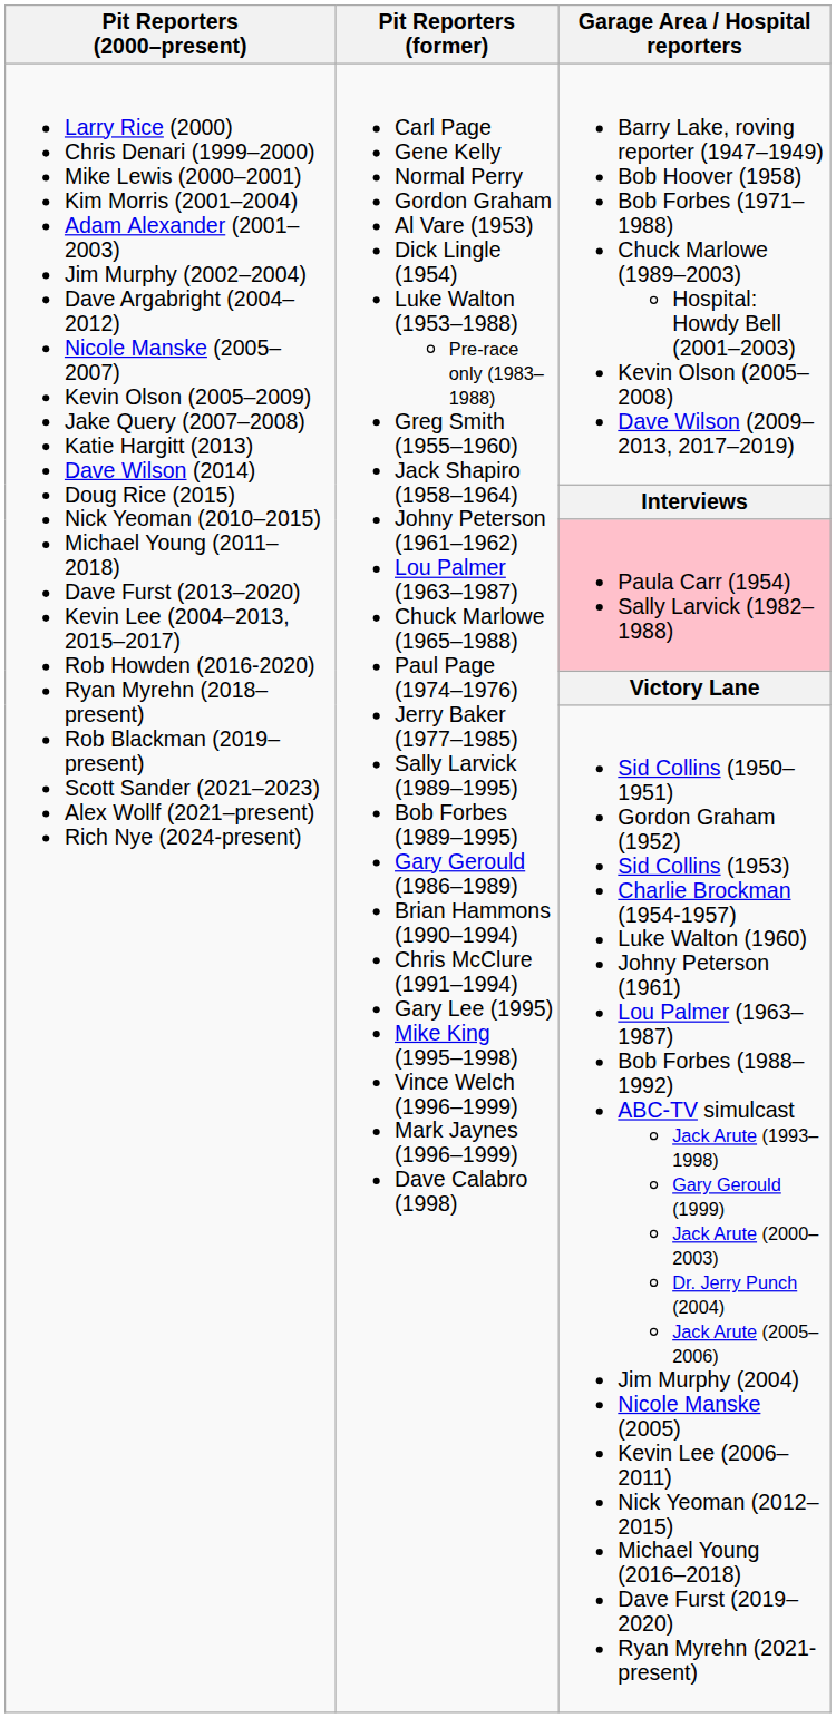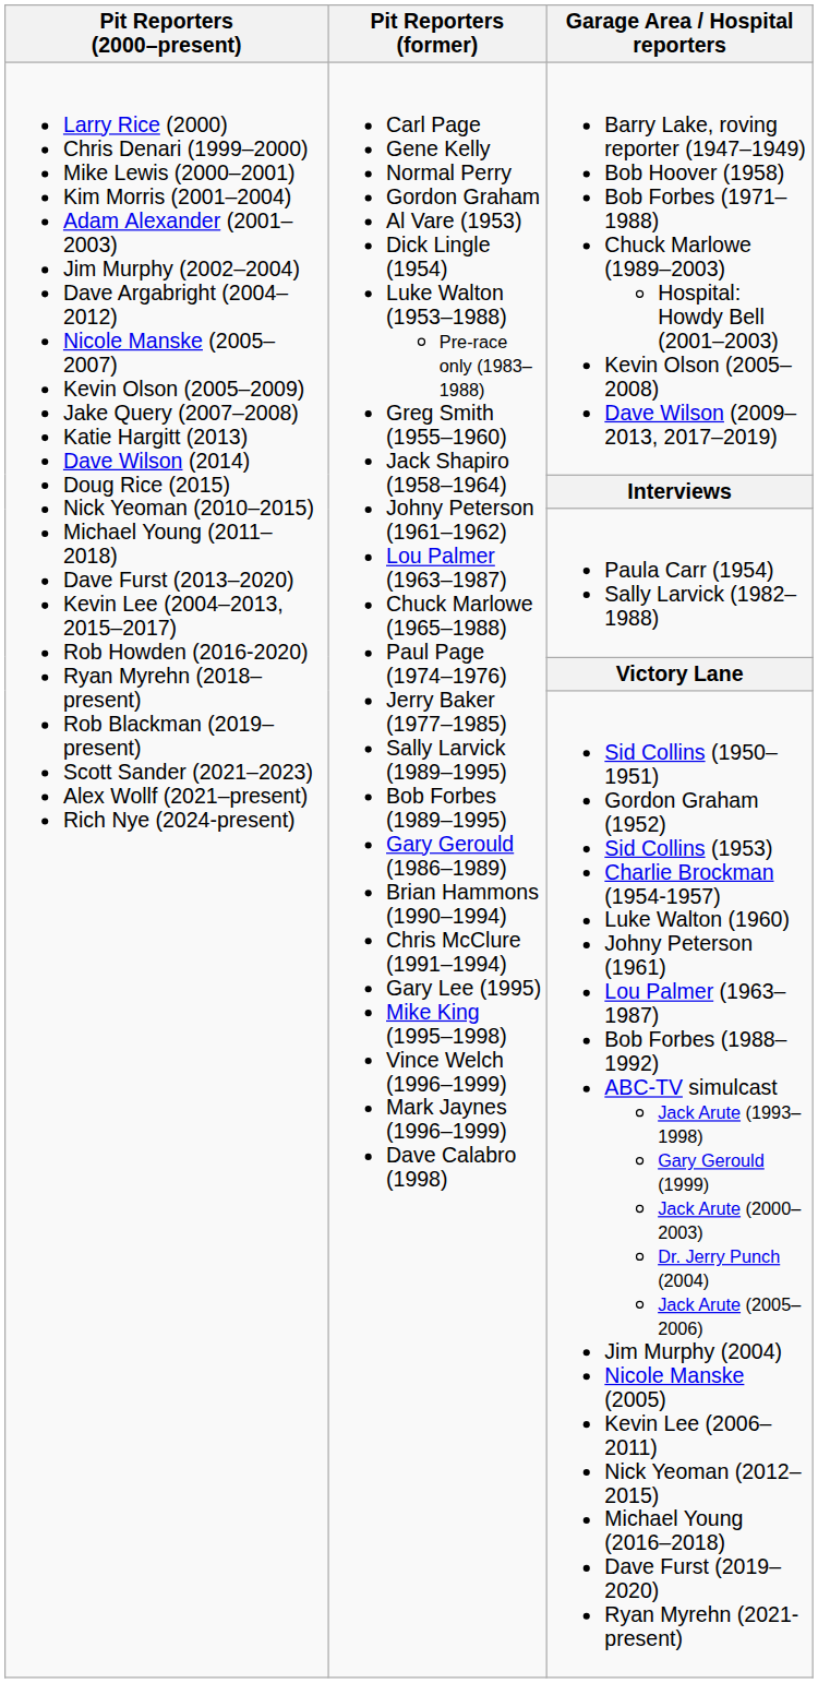 <table class="wikitable">
 <tr>
 <th>Pit Reporters<br>(2000–present)</th>
 <th>Pit Reporters<br>(former)</th>
 <th>Garage Area / Hospital reporters</th>
 </tr>
 <tr>
 <td valign="top" rowspan=5><br><ul><li><a href='#'>Larry Rice</a> (2000)</li><li>Chris Denari (1999–2000)</li><li>Mike Lewis (2000–2001)</li><li>Kim Morris (2001–2004)</li><li><a href='#'>Adam Alexander</a> (2001–2003)</li><li>Jim Murphy (2002–2004)</li><li>Dave Argabright (2004–2012)</li><li><a href='#'>Nicole Manske</a> (2005–2007)</li><li>Kevin Olson (2005–2009)</li><li>Jake Query (2007–2008)</li><li>Katie Hargitt (2013)</li><li><a href='#'>Dave Wilson</a> (2014)</li><li>Doug Rice (2015)</li><li>Nick Yeoman (2010–2015)</li><li>Michael Young (2011–2018)</li><li>Dave Furst (2013–2020)</li><li>Kevin Lee (2004–2013, 2015–2017)</li><li>Rob Howden (2016-2020)</li><li>Ryan Myrehn (2018–present)</li><li>Rob Blackman (2019–present)</li><li>Scott Sander (2021–2023)</li><li>Alex Wollf (2021–present)</li><li>Rich Nye (2024-present)</li></ul></td>
 <td valign="top" rowspan=5><br><ul><li>Carl Page</li><li>Gene Kelly</li><li>Normal Perry</li><li>Gordon Graham</li><li>Al Vare (1953)</li><li>Dick Lingle (1954)</li><li>Luke Walton (1953–1988)<ul><li><small>Pre-race only (1983–1988)</small></li></ul></li><li>Greg Smith (1955–1960)</li><li>Jack Shapiro (1958–1964)</li><li>Johny Peterson (1961–1962)</li><li><a href='#'>Lou Palmer</a> (1963–1987)</li><li>Chuck Marlowe (1965–1988)</li><li>Paul Page (1974–1976)</li><li>Jerry Baker (1977–1985)</li><li>Sally Larvick (1989–1995)</li><li>Bob Forbes (1989–1995)</li><li><a href='#'>Gary Gerould</a> (1986–1989)</li><li>Brian Hammons (1990–1994)</li><li>Chris McClure (1991–1994)</li><li>Gary Lee (1995)</li><li><a href='#'>Mike King</a> (1995–1998)</li><li>Vince Welch (1996–1999)</li><li>Mark Jaynes (1996–1999)</li><li>Dave Calabro (1998)</li></ul></td>
 <td valign="top"><br><ul><li>Barry Lake, roving reporter (1947–1949)</li><li>Bob Hoover (1958)</li><li>Bob Forbes (1971–1988)</li><li>Chuck Marlowe (1989–2003)<ul><li>Hospital: Howdy Bell (2001–2003)</li></ul></li><li>Kevin Olson (2005–2008)</li><li><a href='#'>Dave Wilson</a> (2009–2013, 2017–2019)</li></ul></td>
 </tr>
 <tr>
 <th>Interviews</th>
 </tr>
 <tr>
-<td valign="top" style="background: pink;"><br><ul><li>Paula Carr (1954)</li><li>Sally Larvick (1982–1988)</li></ul></td>
+<td valign="top"><br><ul><li>Paula Carr (1954)</li><li>Sally Larvick (1982–1988)</li></ul></td>
 </tr>
 <tr>
 <th>Victory Lane</th>
 </tr>
 <tr>
 <td valign="top"><br><ul><li><a href='#'>Sid Collins</a> (1950–1951)</li><li>Gordon Graham (1952)</li><li><a href='#'>Sid Collins</a> (1953)</li><li><a href='#'>Charlie Brockman</a> (1954-1957)</li><li>Luke Walton (1960)</li><li>Johny Peterson (1961)</li><li><a href='#'>Lou Palmer</a> (1963–1987)</li><li>Bob Forbes (1988–1992)</li><li><a href='#'>ABC-TV</a> simulcast<ul><li><small><a href='#'>Jack Arute</a> (1993–1998)</small></li><li><small><a href='#'>Gary Gerould</a> (1999)</small></li><li><small><a href='#'>Jack Arute</a> (2000–2003)</small></li><li><small><a href='#'>Dr. Jerry Punch</a> (2004)</small></li><li><small><a href='#'>Jack Arute</a> (2005–2006)</small></li></ul></li><li>Jim Murphy (2004)</li><li><a href='#'>Nicole Manske</a> (2005)</li><li>Kevin Lee (2006–2011)</li><li>Nick Yeoman (2012–2015)</li><li>Michael Young (2016–2018)</li><li>Dave Furst (2019–2020)</li><li>Ryan Myrehn (2021-present)</li></ul></td>
 </tr>
 </table>
